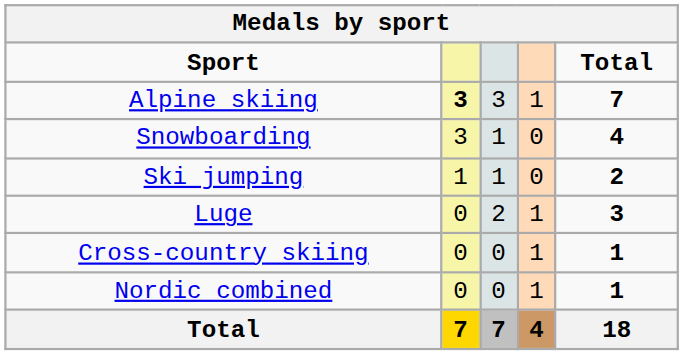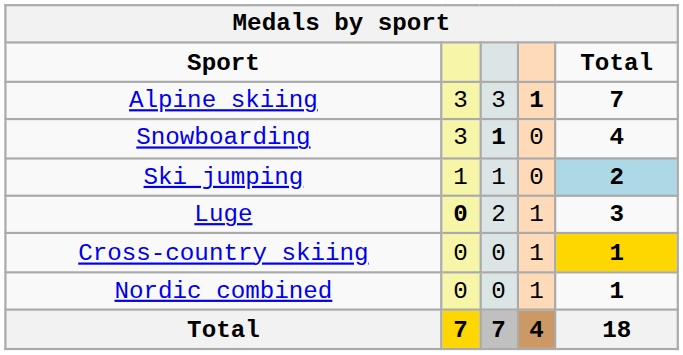 <table class="wikitable" style="font-size:85%; float:right; clear:right; min-width:308px">
 <tr style="background:#efefef;">
 <th colspan=5>Medals by sport</th>
 </tr>
 <tr align=center>
 <td><strong>Sport</strong></td>
 <td bgcolor=F7F6A8></td>
 <td bgcolor=DCE5E5></td>
 <td bgcolor=FFDAB9></td>
 <td><strong>Total</strong></td>
 </tr>
 <tr align=center>
 <td><a href='#'>Alpine skiing</a></td>
-<td bgcolor=F7F6A8><strong>3</strong></td>
+<td bgcolor=F7F6A8>3</td>
 <td bgcolor=DCE5E5>3</td>
-<td bgcolor=FFDAB9>1</td>
+<td bgcolor=FFDAB9><strong>1</strong></td>
 <td><strong>7</strong></td>
 </tr>
 <tr align=center>
 <td><a href='#'>Snowboarding</a></td>
 <td bgcolor=F7F6A8>3</td>
-<td bgcolor=DCE5E5>1</td>
+<td bgcolor=DCE5E5><strong>1</strong></td>
 <td bgcolor=FFDAB9>0</td>
 <td><strong>4</strong></td>
 </tr>
 <tr align=center>
 <td><a href='#'>Ski jumping</a></td>
 <td bgcolor=F7F6A8>1</td>
 <td bgcolor=DCE5E5>1</td>
 <td bgcolor=FFDAB9>0</td>
-<td><strong>2</strong></td>
+<td style="background: lightblue;"><strong>2</strong></td>
 </tr>
 <tr align=center>
 <td><a href='#'>Luge</a></td>
-<td bgcolor=F7F6A8>0</td>
+<td bgcolor=F7F6A8><strong>0</strong></td>
 <td bgcolor=DCE5E5>2</td>
 <td bgcolor=FFDAB9>1</td>
 <td><strong>3</strong></td>
 </tr>
 <tr align=center>
 <td><a href='#'>Cross-country skiing</a></td>
 <td bgcolor=F7F6A8>0</td>
 <td bgcolor=DCE5E5>0</td>
 <td bgcolor=FFDAB9>1</td>
-<td><strong>1</strong></td>
+<td style="background: gold;"><strong>1</strong></td>
 </tr>
 <tr align=center>
 <td><a href='#'>Nordic combined</a></td>
 <td bgcolor=F7F6A8>0</td>
 <td bgcolor=DCE5E5>0</td>
 <td bgcolor=FFDAB9>1</td>
 <td><strong>1</strong></td>
 </tr>
 <tr align=center>
 <th>Total</th>
 <th style="background:gold;">7</th>
 <th style="background:silver;">7</th>
 <th style="background:#c96;">4</th>
 <th>18</th>
 </tr>
 </table>
